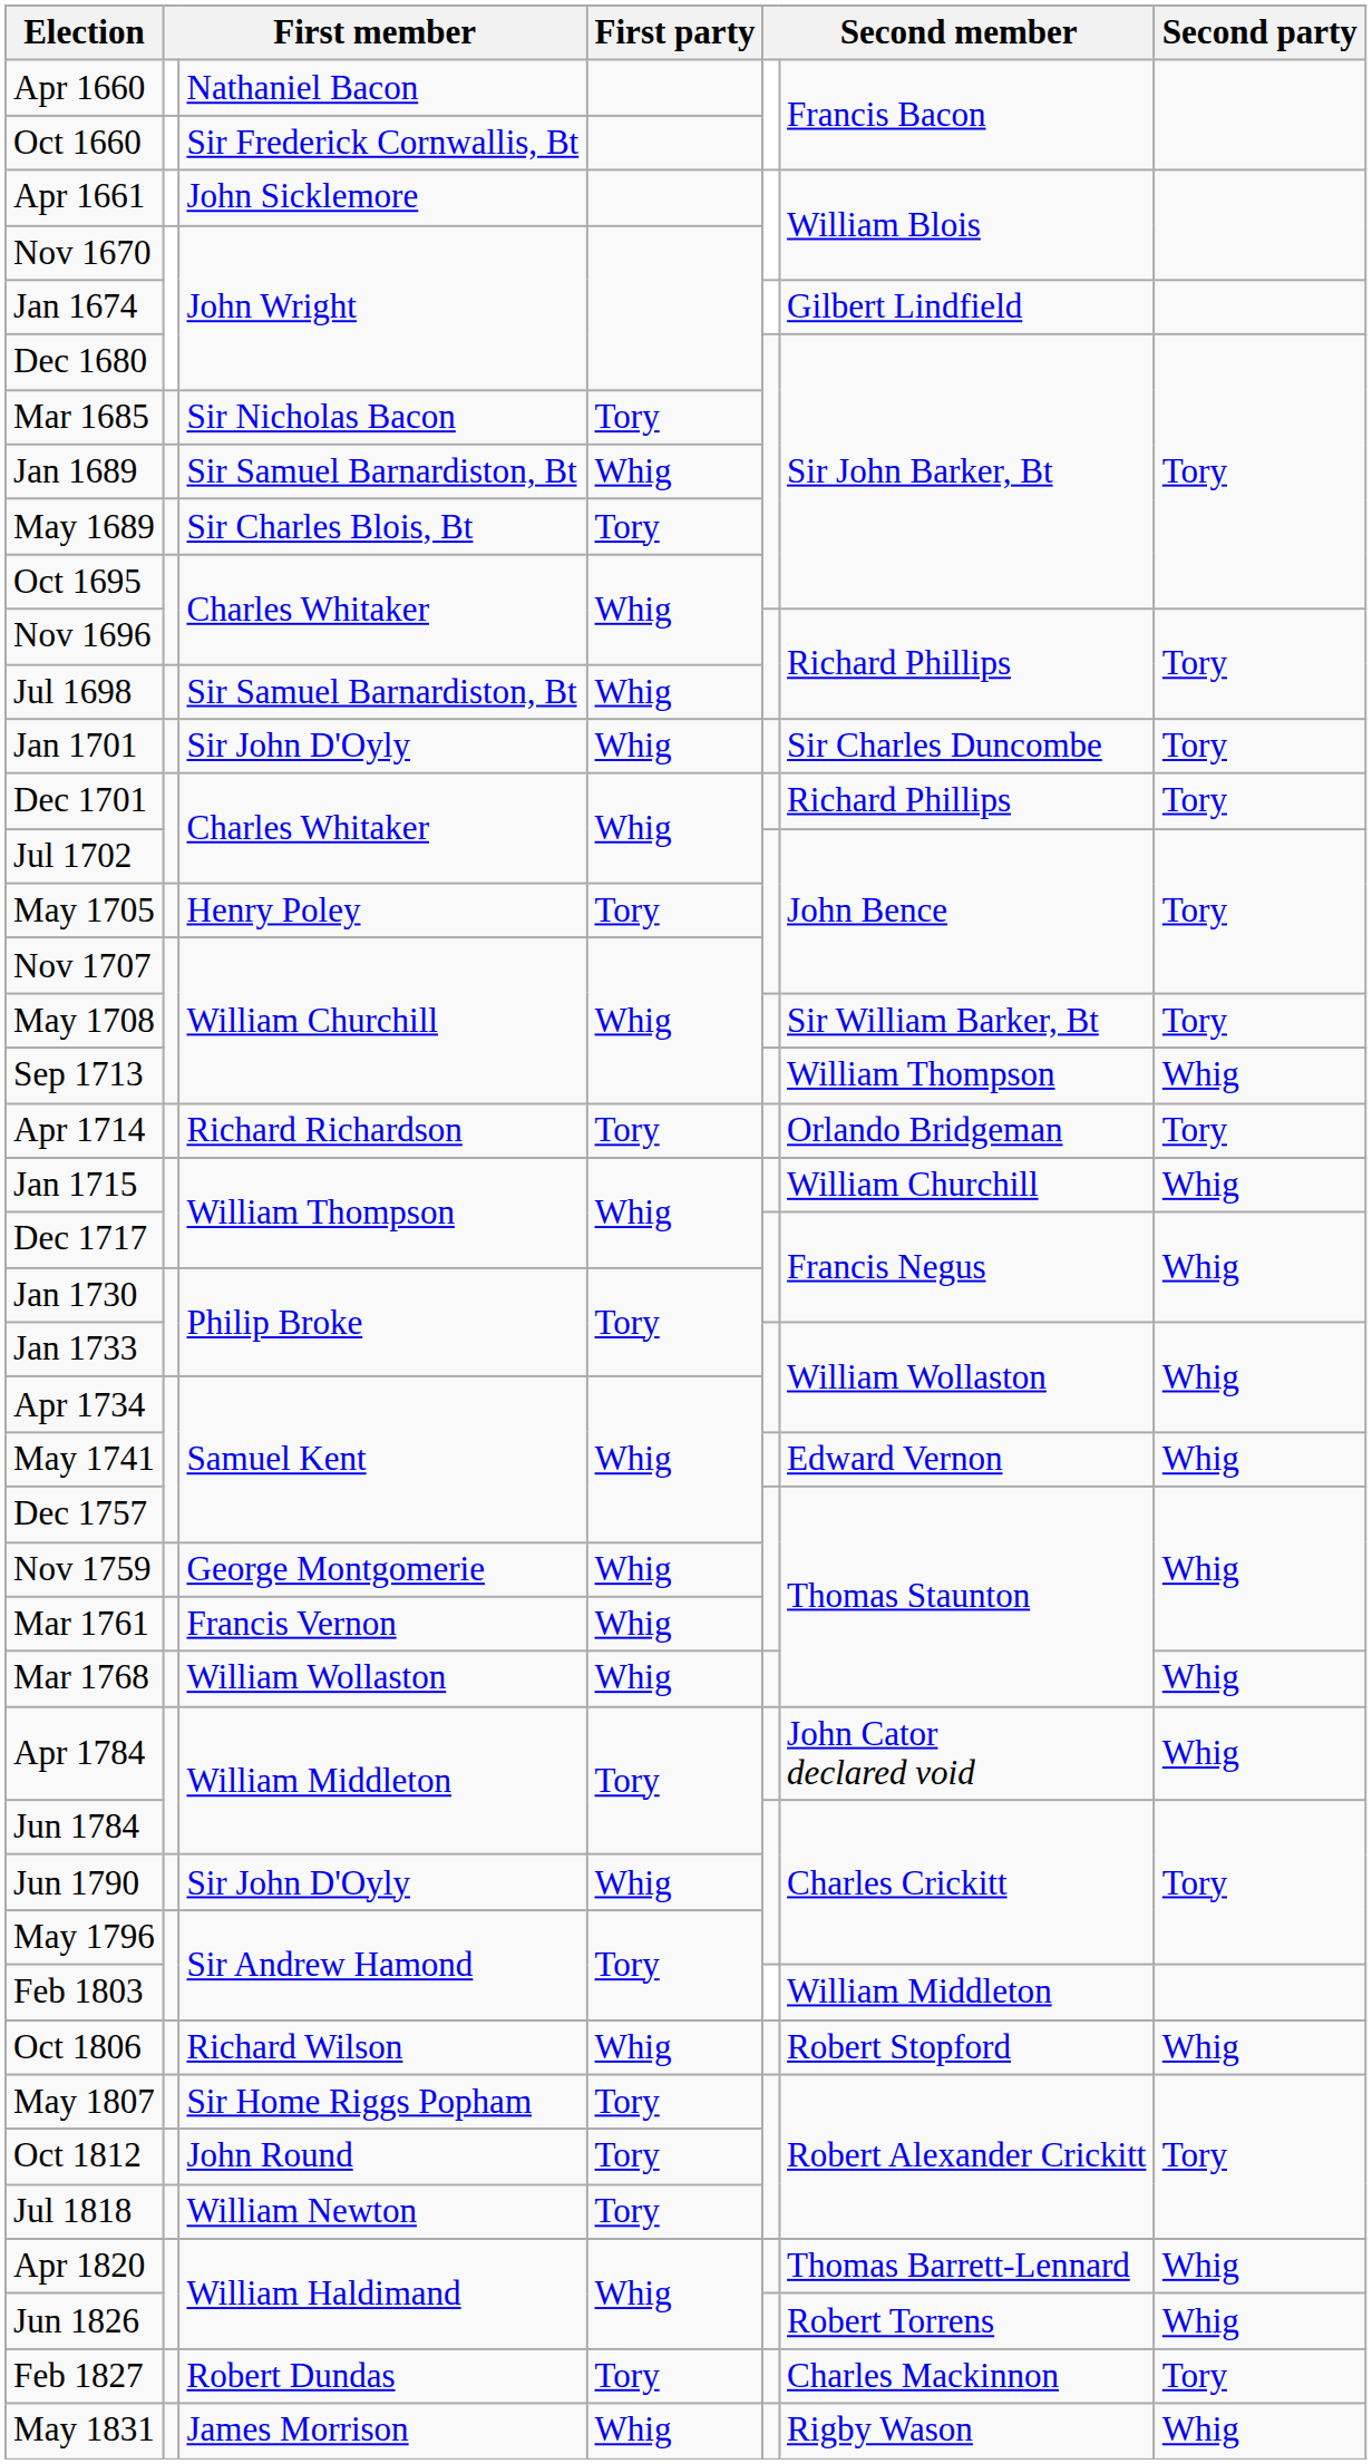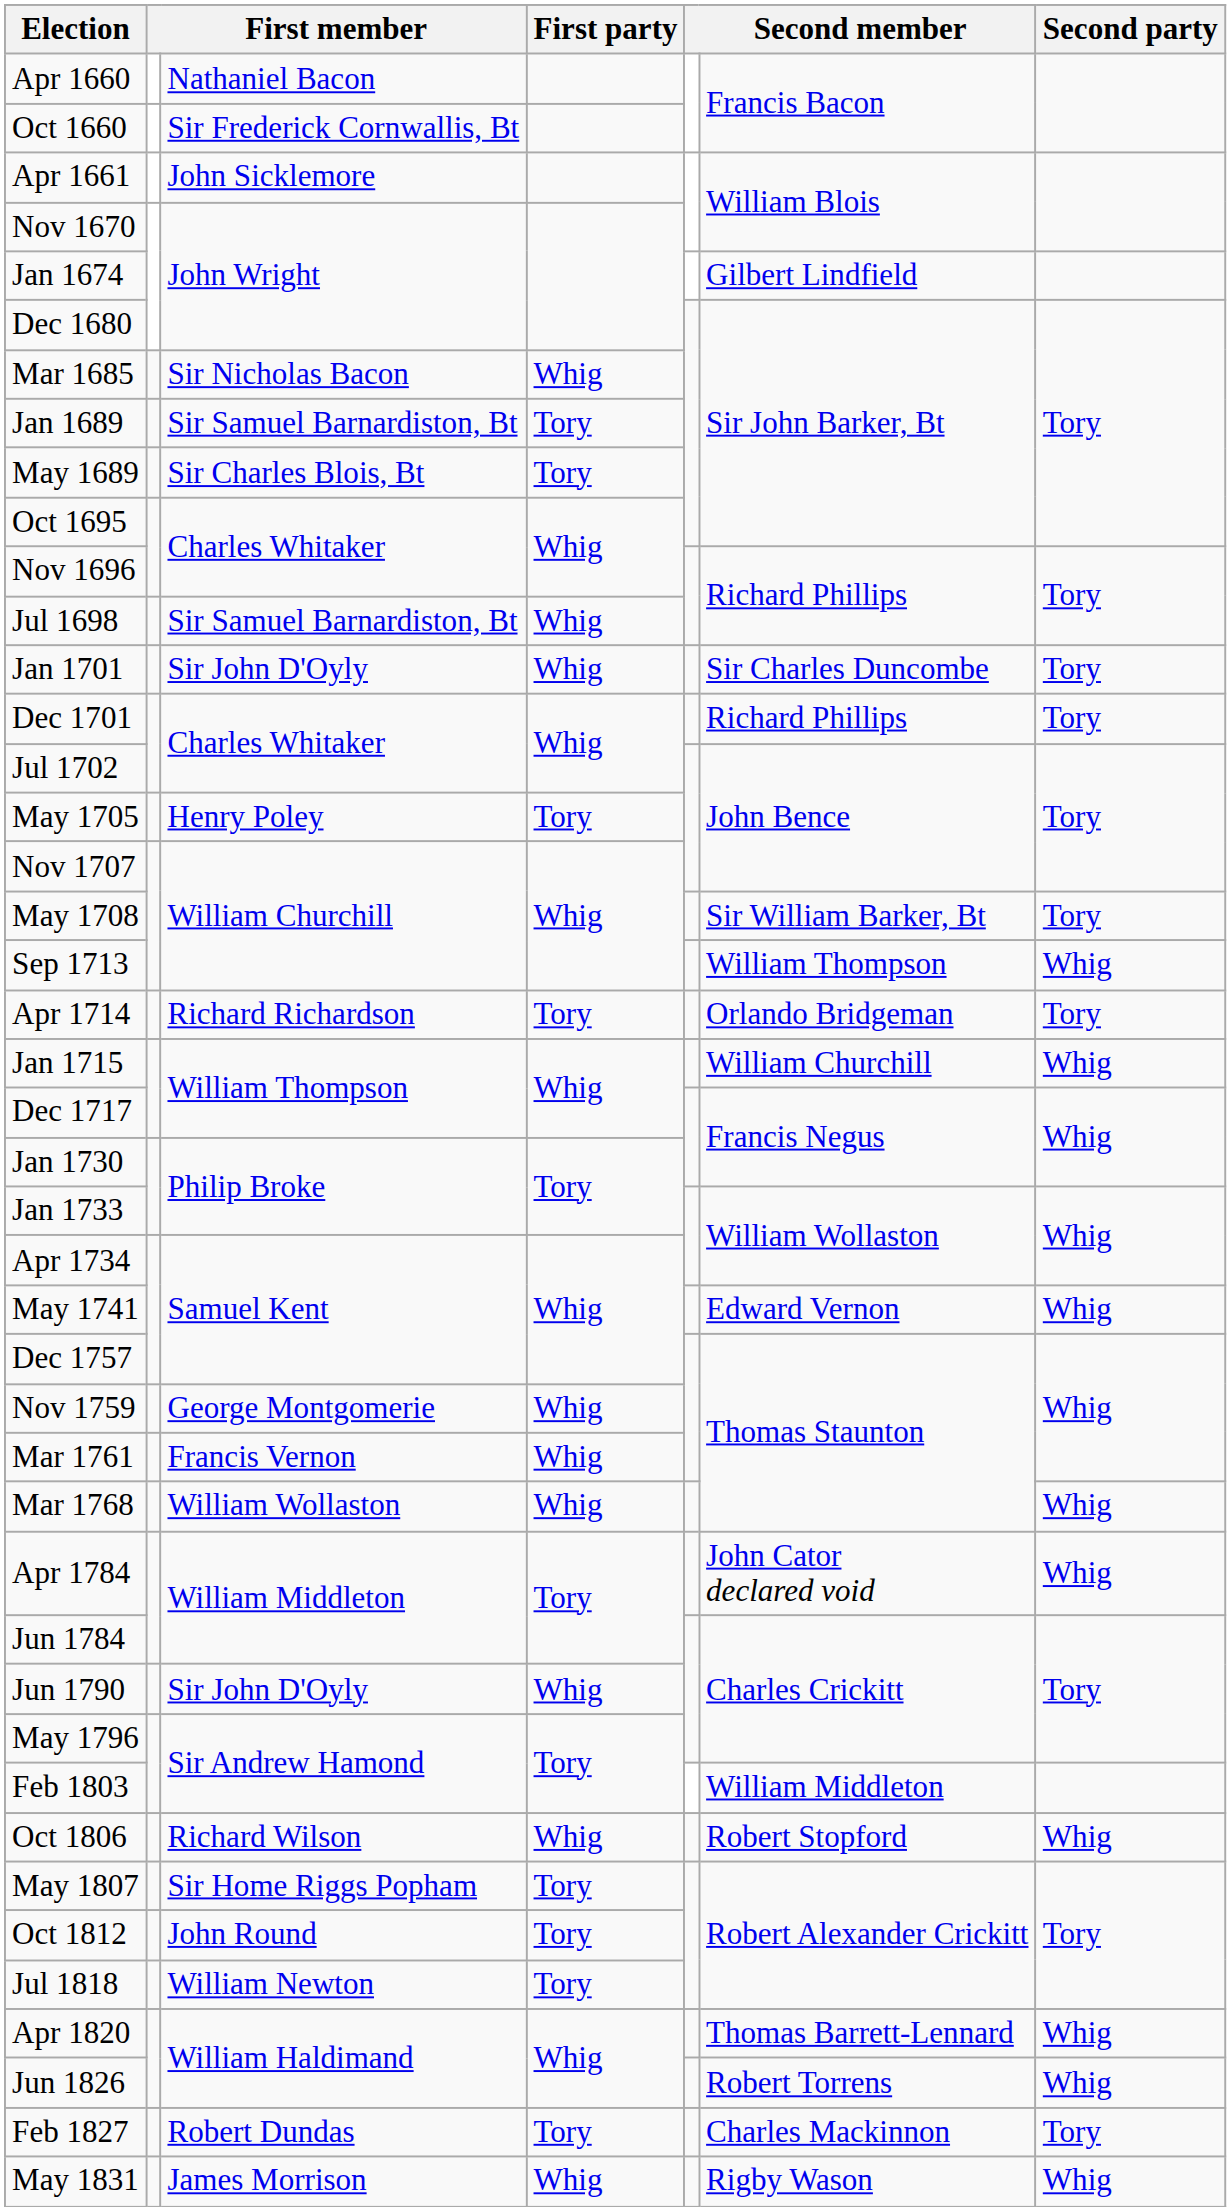 <table class="wikitable">
 <tr>
 <th>Election</th>
 <th colspan="2">First member</th>
 <th>First party</th>
 <th colspan="2">Second member</th>
 <th>Second party</th>
 </tr>
 <tr>
 <td>Apr 1660</td>
 <td style="color:inherit;background-color: white"></td>
 <td><a href='#'>Nathaniel Bacon</a> 	</td>
 <td></td>
 <td rowspan="2" style="color:inherit;background-color: white"></td>
 <td rowspan="2"><a href='#'>Francis Bacon</a>  	</td>
 <td rowspan="2"></td>
 </tr>
 <tr>
 <td>Oct 1660</td>
 <td style="color:inherit;background-color: white"></td>
 <td><a href='#'>Sir Frederick Cornwallis, Bt</a>	</td>
 <td></td>
 </tr>
 <tr>
 <td>Apr 1661</td>
 <td style="color:inherit;background-color: white"></td>
 <td><a href='#'>John Sicklemore</a> 	</td>
 <td></td>
 <td rowspan="2" style="color:inherit;background-color: white"></td>
 <td rowspan="2"><a href='#'>William Blois</a>  	</td>
 <td rowspan="2"></td>
 </tr>
 <tr>
 <td>Nov 1670</td>
 <td rowspan="3" style="color:inherit;background-color: white"></td>
 <td rowspan="3"><a href='#'>John Wright</a>  	</td>
 <td rowspan="3"></td>
 </tr>
 <tr>
 <td>Jan 1674</td>
 <td style="color:inherit;background-color: white"></td>
 <td><a href='#'>Gilbert Lindfield</a> 	</td>
 <td></td>
 </tr>
 <tr>
 <td>Dec 1680</td>
 <td rowspan="5" style="color:inherit;background-color: "></td>
 <td rowspan="5"><a href='#'>Sir John Barker, Bt</a>  	</td>
 <td rowspan="5"> <a href='#'>Tory</a></td>
 </tr>
 <tr>
 <td>Mar 1685</td>
 <td style="color:inherit;background-color: "></td>
 <td><a href='#'>Sir Nicholas Bacon</a> 	</td>
-<td> <a href='#'>Tory</a></td>
+<td> <a href='#'>Whig</a></td>
 </tr>
 <tr>
 <td>Jan 1689</td>
 <td style="color:inherit;background-color: "></td>
 <td><a href='#'>Sir Samuel Barnardiston, Bt</a> 	</td>
-<td> <a href='#'>Whig</a></td>
+<td> <a href='#'>Tory</a></td>
 </tr>
 <tr>
 <td>May 1689</td>
 <td style="color:inherit;background-color: "></td>
 <td><a href='#'>Sir Charles Blois, Bt</a> 	</td>
 <td> <a href='#'>Tory</a></td>
 </tr>
 <tr>
 <td>Oct 1695</td>
 <td rowspan="2" style="color:inherit;background-color: "></td>
 <td rowspan="2"><a href='#'>Charles Whitaker</a>  	</td>
 <td rowspan="2"><a href='#'>Whig</a></td>
 </tr>
 <tr>
 <td>Nov 1696</td>
 <td rowspan="2" style="color:inherit;background-color: "></td>
 <td rowspan="2"><a href='#'>Richard Phillips</a>  	</td>
 <td rowspan="2"> <a href='#'>Tory</a></td>
 </tr>
 <tr>
 <td>Jul 1698</td>
 <td style="color:inherit;background-color: "></td>
 <td><a href='#'>Sir Samuel Barnardiston, Bt</a> 	</td>
 <td> <a href='#'>Whig</a></td>
 </tr>
 <tr>
 <td>Jan 1701</td>
 <td style="color:inherit;background-color: "></td>
 <td><a href='#'>Sir John D'Oyly</a>	</td>
 <td> <a href='#'>Whig</a></td>
 <td style="color:inherit;background-color: "></td>
 <td><a href='#'>Sir Charles Duncombe</a> 	</td>
 <td> <a href='#'>Tory</a></td>
 </tr>
 <tr>
 <td>Dec 1701</td>
 <td rowspan="2" style="color:inherit;background-color: "></td>
 <td rowspan="2"><a href='#'>Charles Whitaker</a>  	</td>
 <td rowspan="2"><a href='#'>Whig</a></td>
 <td style="color:inherit;background-color: "></td>
 <td><a href='#'>Richard Phillips</a> 	</td>
 <td> <a href='#'>Tory</a></td>
 </tr>
 <tr>
 <td>Jul 1702</td>
 <td rowspan="3" style="color:inherit;background-color: "></td>
 <td rowspan="3"><a href='#'>John Bence</a>  	</td>
 <td rowspan="3"><a href='#'>Tory</a></td>
 </tr>
 <tr>
 <td>May 1705</td>
 <td style="color:inherit;background-color: "></td>
 <td><a href='#'>Henry Poley</a> 	</td>
 <td> <a href='#'>Tory</a></td>
 </tr>
 <tr>
 <td>Nov 1707</td>
 <td rowspan="3" style="color:inherit;background-color: "></td>
 <td rowspan="3"><a href='#'>William Churchill</a>  	</td>
 <td rowspan="3"> <a href='#'>Whig</a></td>
 </tr>
 <tr>
 <td>May 1708</td>
 <td style="color:inherit;background-color: "></td>
 <td><a href='#'>Sir William Barker, Bt</a> 	</td>
 <td> <a href='#'>Tory</a></td>
 </tr>
 <tr>
 <td>Sep 1713</td>
 <td style="color:inherit;background-color: "></td>
 <td><a href='#'>William Thompson</a> 	</td>
 <td> <a href='#'>Whig</a></td>
 </tr>
 <tr>
 <td>Apr 1714</td>
 <td style="color:inherit;background-color: "></td>
 <td><a href='#'>Richard Richardson</a> 	</td>
 <td> <a href='#'>Tory</a></td>
 <td style="color:inherit;background-color: "></td>
 <td><a href='#'>Orlando Bridgeman</a> 	</td>
 <td> <a href='#'>Tory</a></td>
 </tr>
 <tr>
 <td>Jan 1715</td>
 <td rowspan="2" style="color:inherit;background-color: "></td>
 <td rowspan="2"><a href='#'>William Thompson</a>  	</td>
 <td rowspan="2"><a href='#'>Whig</a></td>
 <td style="color:inherit;background-color: "></td>
 <td><a href='#'>William Churchill</a> 	</td>
 <td> <a href='#'>Whig</a></td>
 </tr>
 <tr>
 <td>Dec 1717</td>
 <td rowspan="2" style="color:inherit;background-color: "></td>
 <td rowspan="2"><a href='#'>Francis Negus</a>  	</td>
 <td rowspan="2"><a href='#'>Whig</a></td>
 </tr>
 <tr>
 <td>Jan 1730</td>
 <td rowspan="2" style="color:inherit;background-color: "></td>
 <td rowspan="2"><a href='#'>Philip Broke</a>  	</td>
 <td rowspan="2"><a href='#'>Tory</a></td>
 </tr>
 <tr>
 <td>Jan 1733</td>
 <td rowspan="2" style="color:inherit;background-color: "></td>
 <td rowspan="2"><a href='#'>William Wollaston</a>  	</td>
 <td rowspan="2"><a href='#'>Whig</a></td>
 </tr>
 <tr>
 <td>Apr 1734</td>
 <td rowspan="3" style="color:inherit;background-color: "></td>
 <td rowspan="3"><a href='#'>Samuel Kent</a>  	</td>
 <td rowspan="3"> <a href='#'>Whig</a></td>
 </tr>
 <tr>
 <td>May 1741</td>
 <td style="color:inherit;background-color: "></td>
 <td><a href='#'>Edward Vernon</a> 	</td>
 <td> <a href='#'>Whig</a></td>
 </tr>
 <tr>
 <td>Dec 1757</td>
 <td rowspan="3" style="color:inherit;background-color: "></td>
 <td rowspan="4"><a href='#'>Thomas Staunton</a>  	</td>
 <td rowspan="3"><a href='#'>Whig</a></td>
 </tr>
 <tr>
 <td>Nov 1759</td>
 <td style="color:inherit;background-color: "></td>
 <td><a href='#'>George Montgomerie</a> 	</td>
 <td><a href='#'>Whig</a></td>
 </tr>
 <tr>
 <td>Mar 1761</td>
 <td style="color:inherit;background-color: "></td>
 <td><a href='#'>Francis Vernon</a>	</td>
 <td><a href='#'>Whig</a></td>
 </tr>
 <tr>
 <td>Mar 1768</td>
 <td style="color:inherit;background-color: "></td>
 <td><a href='#'>William Wollaston</a> 	</td>
 <td><a href='#'>Whig</a></td>
 <td style="color:inherit;background-color: "></td>
 <td><a href='#'>Whig</a></td>
 </tr>
 <tr>
 <td>Apr 1784</td>
 <td rowspan="2" style="color:inherit;background-color: "></td>
 <td rowspan="2"><a href='#'>William Middleton</a>  	</td>
 <td rowspan="2"><a href='#'>Tory</a></td>
 <td style="color:inherit;background-color: "></td>
 <td><a href='#'>John Cator</a> <br> <em>declared void</em>	</td>
 <td><a href='#'>Whig</a></td>
 </tr>
 <tr>
 <td>Jun 1784</td>
 <td rowspan="3" style="color:inherit;background-color: "></td>
 <td rowspan="3"><a href='#'>Charles Crickitt</a>  	</td>
 <td rowspan="3"><a href='#'>Tory</a></td>
 </tr>
 <tr>
 <td>Jun 1790</td>
 <td style="color:inherit;background-color: "></td>
 <td><a href='#'>Sir John D'Oyly</a>	</td>
 <td><a href='#'>Whig</a></td>
 </tr>
 <tr>
 <td>May 1796</td>
 <td rowspan="2" style="color:inherit;background-color: "></td>
 <td rowspan="2"><a href='#'>Sir Andrew Hamond</a>  	</td>
 <td rowspan="2"><a href='#'>Tory</a></td>
 </tr>
 <tr>
 <td>Feb 1803</td>
 <td style="color:inherit;background-color: white"></td>
 <td><a href='#'>William Middleton</a> 	</td>
 <td></td>
 </tr>
 <tr>
 <td>Oct 1806</td>
 <td style="color:inherit;background-color: "></td>
 <td><a href='#'>Richard Wilson</a> 	</td>
 <td><a href='#'>Whig</a></td>
 <td style="color:inherit;background-color: "></td>
 <td><a href='#'>Robert Stopford</a> 	</td>
 <td><a href='#'>Whig</a></td>
 </tr>
 <tr>
 <td>May 1807</td>
 <td style="color:inherit;background-color: "></td>
 <td><a href='#'>Sir Home Riggs Popham</a> 	</td>
 <td><a href='#'>Tory</a></td>
 <td rowspan="3" style="color:inherit;background-color: "></td>
 <td rowspan="3"><a href='#'>Robert Alexander Crickitt</a>  	</td>
 <td rowspan="3"><a href='#'>Tory</a></td>
 </tr>
 <tr>
 <td>Oct 1812</td>
 <td style="color:inherit;background-color: "></td>
 <td><a href='#'>John Round</a> 	</td>
 <td><a href='#'>Tory</a></td>
 </tr>
 <tr>
 <td>Jul 1818</td>
 <td style="color:inherit;background-color: "></td>
 <td><a href='#'>William Newton</a> 	</td>
 <td><a href='#'>Tory</a></td>
 </tr>
 <tr>
 <td>Apr 1820</td>
 <td rowspan="2" style="color:inherit;background-color: "></td>
 <td rowspan="2"><a href='#'>William Haldimand</a>  	</td>
 <td rowspan="2"><a href='#'>Whig</a></td>
 <td style="color:inherit;background-color: "></td>
 <td><a href='#'>Thomas Barrett-Lennard</a> 	</td>
 <td><a href='#'>Whig</a></td>
 </tr>
 <tr>
 <td>Jun 1826</td>
 <td style="color:inherit;background-color: "></td>
 <td><a href='#'>Robert Torrens</a> 	</td>
 <td><a href='#'>Whig</a></td>
 </tr>
 <tr>
 <td>Feb 1827</td>
 <td style="color:inherit;background-color: "></td>
 <td><a href='#'>Robert Dundas</a> 	</td>
 <td><a href='#'>Tory</a></td>
 <td style="color:inherit;background-color: "></td>
 <td><a href='#'>Charles Mackinnon</a> 	</td>
 <td><a href='#'>Tory</a></td>
 </tr>
 <tr>
 <td>May 1831</td>
 <td style="color:inherit;background-color: "></td>
 <td><a href='#'>James Morrison</a> 	</td>
 <td><a href='#'>Whig</a></td>
 <td style="color:inherit;background-color: "></td>
 <td><a href='#'>Rigby Wason</a> 	</td>
 <td><a href='#'>Whig</a></td>
 </tr>
 </table>
